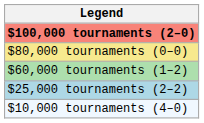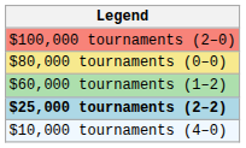 <table class=wikitable style=font-size:85%>
 <tr>
 <th>Legend</th>
 </tr>
 <tr bgcolor=F88379>
-<td><strong>$100,000 tournaments (2–0)</strong></td>
+<td>$100,000 tournaments (2–0)</td>
 </tr>
 <tr bgcolor=F7E98E>
 <td>$80,000 tournaments (0–0)</td>
 </tr>
 <tr bgcolor=ADDFAD>
 <td>$60,000 tournaments (1–2)</td>
 </tr>
 <tr bgcolor=lightblue>
-<td>$25,000 tournaments (2–2)</td>
+<td><strong>$25,000 tournaments (2–2)</strong></td>
 </tr>
 <tr bgcolor=f0f8ff>
 <td>$10,000 tournaments (4–0)</td>
 </tr>
 </table>
